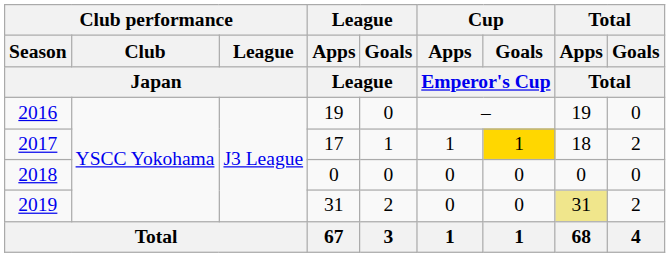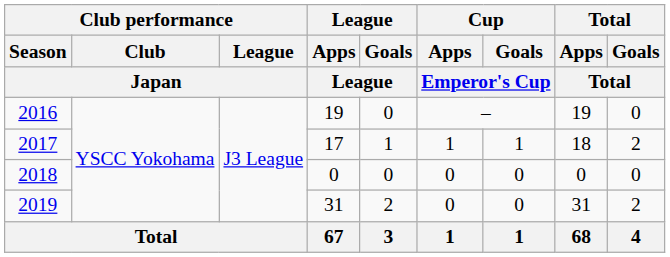 <table class="wikitable" style="text-align:center;">
 <tr>
 <th colspan=3>Club performance</th>
 <th colspan=2>League</th>
 <th colspan=2>Cup</th>
 <th colspan=2>Total</th>
 </tr>
 <tr>
 <th>Season</th>
 <th>Club</th>
 <th>League</th>
 <th>Apps</th>
 <th>Goals</th>
 <th>Apps</th>
 <th>Goals</th>
 <th>Apps</th>
 <th>Goals</th>
 </tr>
 <tr>
 <th colspan=3>Japan</th>
 <th colspan=2>League</th>
 <th colspan=2><a href='#'>Emperor's Cup</a></th>
 <th colspan=2>Total</th>
 </tr>
 <tr>
 <td><a href='#'>2016</a></td>
 <td rowspan="4"><a href='#'>YSCC Yokohama</a></td>
 <td rowspan="4"><a href='#'>J3 League</a></td>
 <td>19</td>
 <td>0</td>
 <td colspan="2">–</td>
 <td>19</td>
 <td>0</td>
 </tr>
 <tr>
 <td><a href='#'>2017</a></td>
 <td>17</td>
 <td>1</td>
 <td>1</td>
-<td style="background: gold;">1</td>
+<td>1</td>
 <td>18</td>
 <td>2</td>
 </tr>
 <tr>
 <td><a href='#'>2018</a></td>
 <td>0</td>
 <td>0</td>
 <td>0</td>
 <td>0</td>
 <td>0</td>
 <td>0</td>
 </tr>
 <tr>
 <td><a href='#'>2019</a></td>
 <td>31</td>
 <td>2</td>
 <td>0</td>
 <td>0</td>
-<td style="background: khaki;">31</td>
+<td>31</td>
 <td>2</td>
 </tr>
 <tr>
 <th colspan=3>Total</th>
 <th>67</th>
 <th>3</th>
 <th>1</th>
 <th>1</th>
 <th>68</th>
 <th>4</th>
 </tr>
 </table>
